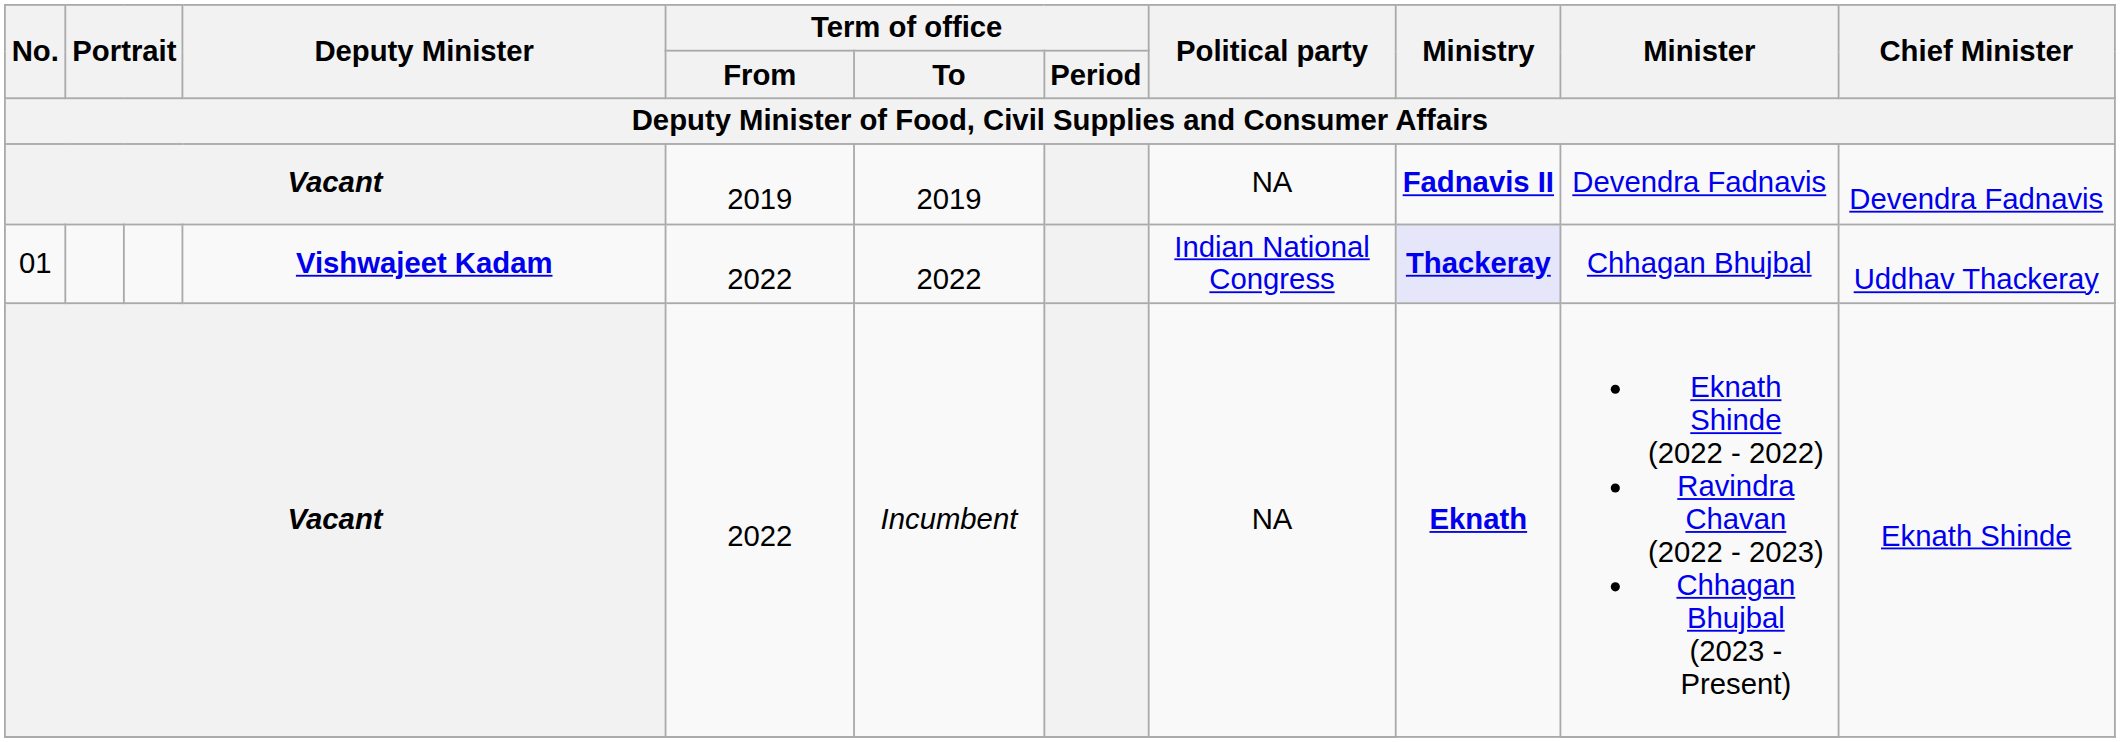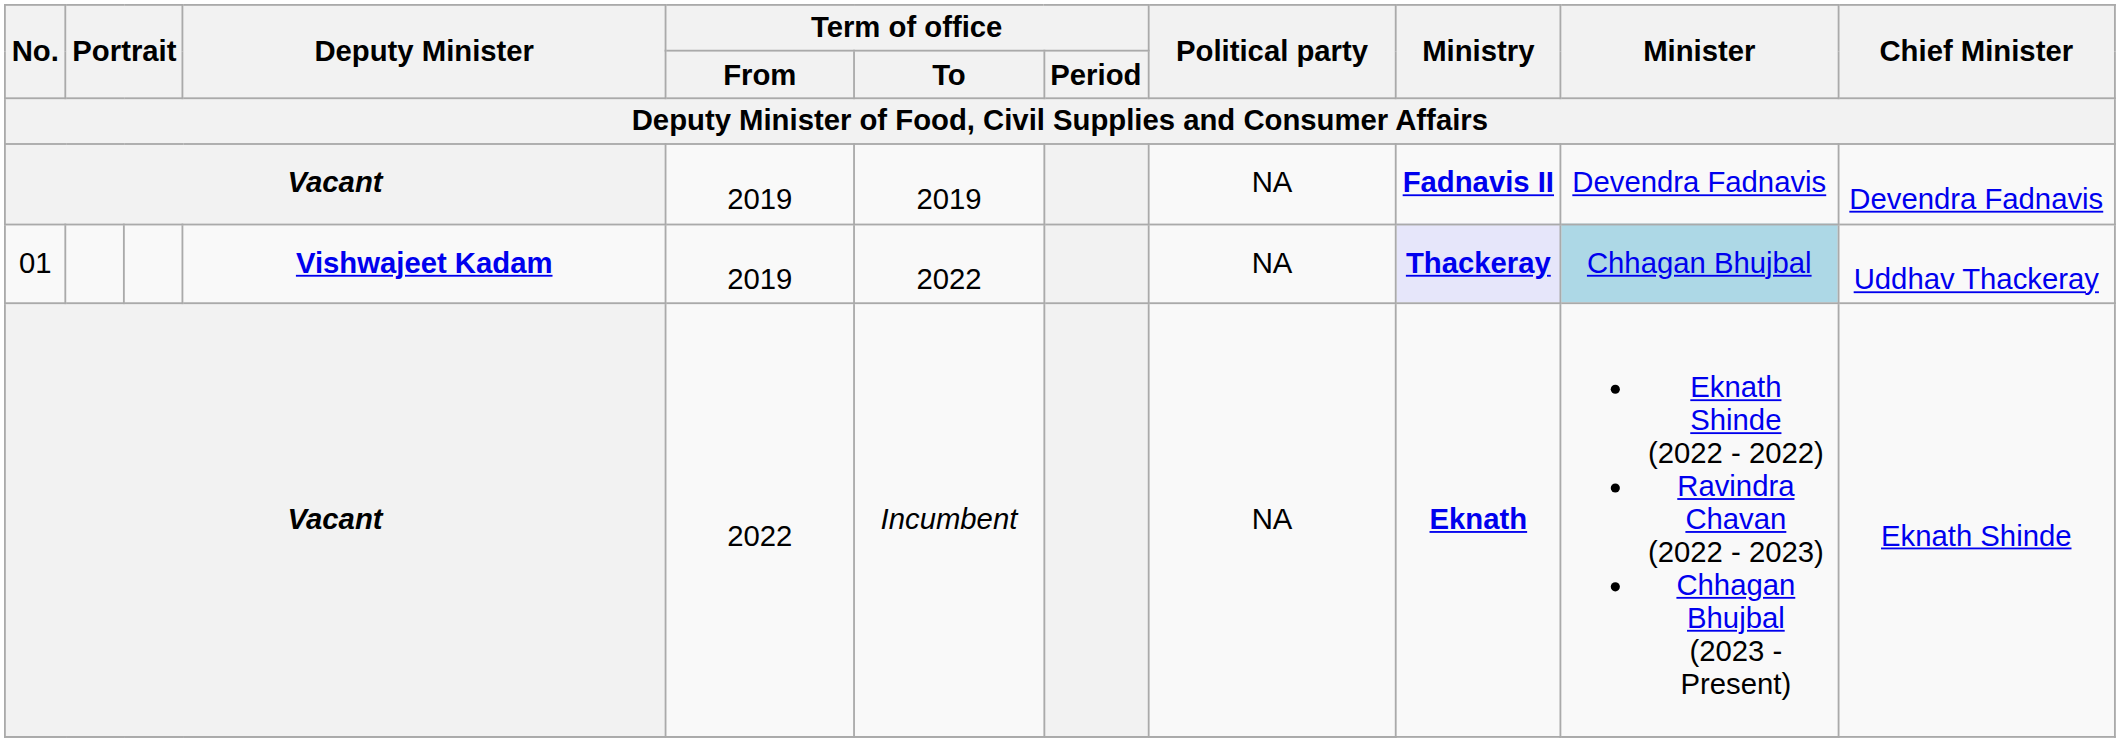 <table class="wikitable" style="text-align:center">
 <tr>
 <th rowspan="2">No.</th>
 <th rowspan="2" colspan="2">Portrait</th>
 <th rowspan="2" style="width:16em">Deputy Minister<br></th>
 <th colspan="3">Term of office</th>
 <th rowspan="2" style="width:8em">Political party</th>
 <th rowspan="2">Ministry</th>
 <th rowspan="2" style="width:9em">Minister</th>
 <th rowspan="2" style="width:9em">Chief Minister</th>
 </tr>
 <tr>
 <th style="width:6em">From</th>
 <th style="width:6em">To</th>
 <th>Period</th>
 </tr>
 <tr>
 <th colspan="11">Deputy Minister of Food, Civil Supplies and Consumer Affairs</th>
 </tr>
 <tr>
 <th colspan="04"><strong><em>Vacant</em></strong></th>
 <td><br>2019</td>
 <td><br>2019</td>
 <th></th>
 <td>NA</td>
 <td rowspan="1"><a href='#'><strong>Fadnavis II</strong></a></td>
 <td><a href='#'>Devendra Fadnavis</a></td>
 <td rowspan="1"> <br><a href='#'>Devendra Fadnavis</a></td>
 </tr>
 <tr>
 <td>01</td>
 <td style="color:inherit;background:"></td>
 <td></td>
 <td><strong><a href='#'>Vishwajeet Kadam</a></strong> <br> </td>
-<td><br>2022</td>
+<td><br>2019</td>
 <td><br>2022</td>
 <th></th>
-<td><a href='#'>Indian National Congress</a></td>
+<td>NA</td>
 <td rowspan="1" style="background: lavender;"><a href='#'><strong>Thackeray</strong></a></td>
-<td><a href='#'>Chhagan Bhujbal</a></td>
+<td style="background: lightblue;"><a href='#'>Chhagan Bhujbal</a></td>
 <td rowspan="1"> <br><a href='#'>Uddhav Thackeray</a></td>
 </tr>
 <tr>
 <th colspan="04"><strong><em>Vacant </em></strong></th>
 <td><br>2022</td>
 <td><em>Incumbent</em></td>
 <th></th>
 <td>NA</td>
 <td rowspan="2"><a href='#'><strong>Eknath</strong></a></td>
 <td><br><ul><li><a href='#'>Eknath Shinde</a><br>(2022 - 2022)</li><li><a href='#'>Ravindra Chavan</a><br>(2022 - 2023)</li><li><a href='#'>Chhagan Bhujbal</a><br> (2023 - Present)</li></ul></td>
 <td rowspan="2"> <br><a href='#'>Eknath Shinde</a></td>
 </tr>
 <tr>
 </tr>
 </table>
